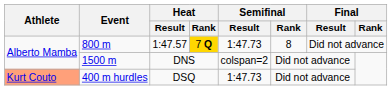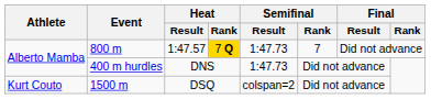 <table class="wikitable" style="font-size:90%">
 <tr>
 <th rowspan=2>Athlete</th>
 <th rowspan=2>Event</th>
 <th colspan=2>Heat</th>
 <th colspan=2>Semifinal</th>
 <th colspan=2>Final</th>
 </tr>
 <tr style="font-size:95%">
 <th>Result</th>
 <th>Rank</th>
 <th>Result</th>
 <th>Rank</th>
 <th>Result</th>
 <th>Rank</th>
 </tr>
 <tr align=center>
 <td align=left rowspan=2><a href='#'>Alberto Mamba</a></td>
 <td align=left><a href='#'>800 m</a></td>
 <td>1:47.57</td>
 <td style="background: gold;">7 <strong>Q</strong></td>
 <td>1:47.73</td>
-<td>8</td>
+<td>7</td>
 <td colspan=2>Did not advance</td>
 </tr>
 <tr align=center>
+<td align=left><a href='#'>400 m hurdles</a></td>
+<td colspan=2>DNS</td>
+<td>1:47.73</td>
+<td colspan=2>Did not advance</td>
+</tr>
+<tr align=center>
+<td align=left><a href='#'>Kurt Couto</a></td>
 <td align=left><a href='#'>1500 m</a></td>
-<td colspan=2>DNS</td>
+<td colspan=2>DSQ</td>
 <td>colspan=2 </td>
 <td colspan=2>Did not advance</td>
 </tr>
-<tr align=center>
-<td align=left style="background: lightsalmon;"><a href='#'>Kurt Couto</a></td>
-<td align=left><a href='#'>400 m hurdles</a></td>
-<td colspan=2>DSQ</td>
-<td>1:47.73</td>
-<td colspan=2>Did not advance</td>
-</tr>
 </table>
